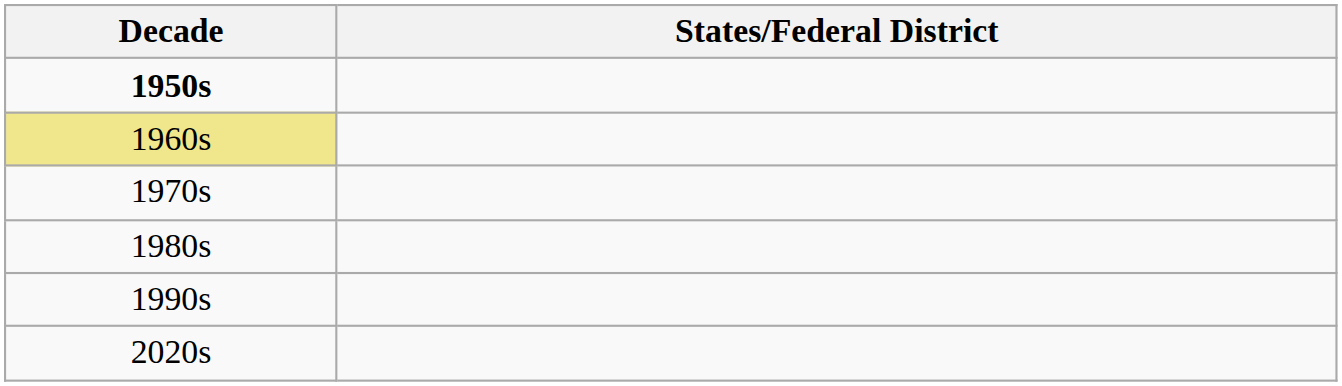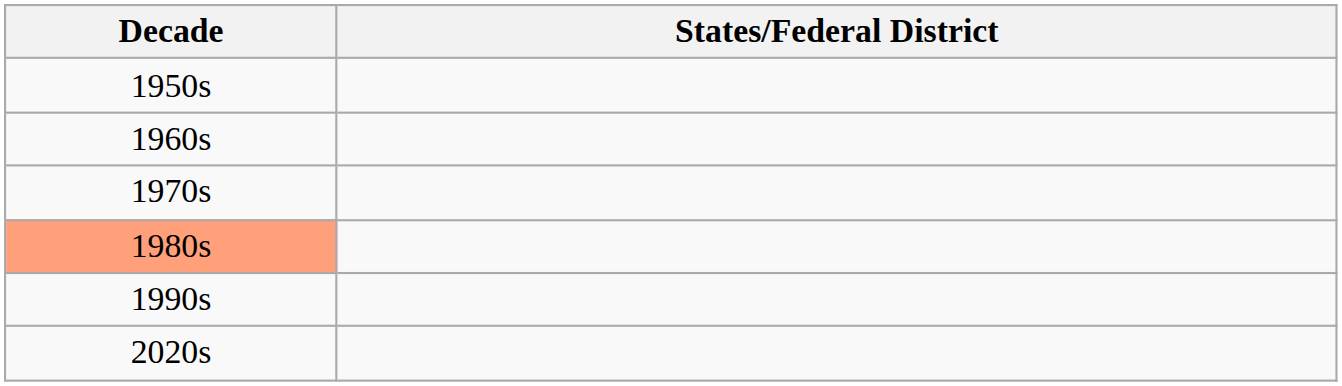 <table class="wikitable" style="width:50%" style="font-size: 95%;">
 <tr>
 <th style="width:8em;">Decade</th>
 <th style="width:25em;">States/Federal District</th>
 </tr>
 <tr>
-<td style="text-align:center;"><strong>1950s</strong></td>
+<td style="text-align:center;">1950s</td>
 <td></td>
 </tr>
 <tr>
-<td style="background: khaki; text-align:center;">1960s</td>
+<td style="text-align:center;">1960s</td>
 <td></td>
 </tr>
 <tr>
 <td style="text-align:center;">1970s</td>
 <td></td>
 </tr>
 <tr>
-<td style="text-align:center;">1980s</td>
+<td style="background: lightsalmon; text-align:center;">1980s</td>
 <td></td>
 </tr>
 <tr>
 <td style="text-align:center;">1990s</td>
 <td></td>
 </tr>
 <tr>
 <td style="text-align:center;">2020s</td>
 <td></td>
 </tr>
 </table>
